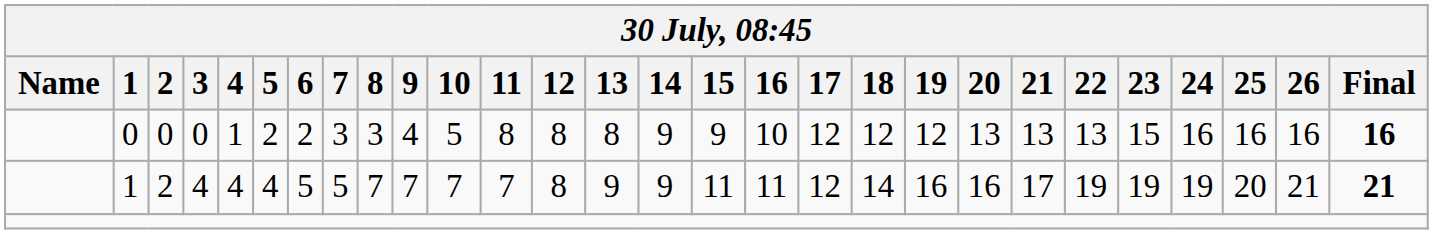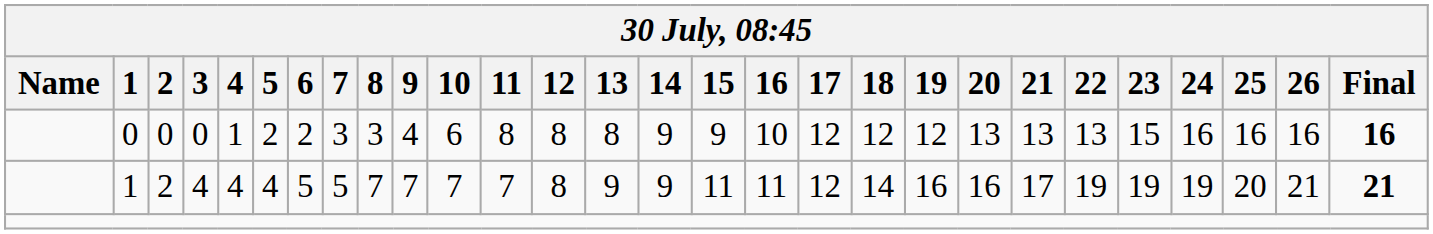 <table class=wikitable style="text-align:center; width: 55%">
 <tr>
 <th colspan=28><em>30 July, 08:45</em></th>
 </tr>
 <tr>
 <th>Name</th>
 <th>1</th>
 <th>2</th>
 <th>3</th>
 <th>4</th>
 <th>5</th>
 <th>6</th>
 <th>7</th>
 <th>8</th>
 <th>9</th>
 <th>10</th>
 <th>11</th>
 <th>12</th>
 <th>13</th>
 <th>14</th>
 <th>15</th>
 <th>16</th>
 <th>17</th>
 <th>18</th>
 <th>19</th>
 <th>20</th>
 <th>21</th>
 <th>22</th>
 <th>23</th>
 <th>24</th>
 <th>25</th>
 <th>26</th>
 <th>Final</th>
 </tr>
 <tr>
 <td align=left><strong></strong></td>
 <td>0</td>
 <td>0</td>
 <td>0</td>
 <td>1</td>
 <td>2</td>
 <td>2</td>
 <td>3</td>
 <td>3</td>
 <td>4</td>
-<td>5</td>
+<td>6</td>
 <td>8</td>
 <td>8</td>
 <td>8</td>
 <td>9</td>
 <td>9</td>
 <td>10</td>
 <td>12</td>
 <td>12</td>
 <td>12</td>
 <td>13</td>
 <td>13</td>
 <td>13</td>
 <td>15</td>
 <td>16</td>
 <td>16</td>
 <td>16</td>
 <td><strong>16</strong></td>
 </tr>
 <tr>
 <td align=left></td>
 <td>1</td>
 <td>2</td>
 <td>4</td>
 <td>4</td>
 <td>4</td>
 <td>5</td>
 <td>5</td>
 <td>7</td>
 <td>7</td>
 <td>7</td>
 <td>7</td>
 <td>8</td>
 <td>9</td>
 <td>9</td>
 <td>11</td>
 <td>11</td>
 <td>12</td>
 <td>14</td>
 <td>16</td>
 <td>16</td>
 <td>17</td>
 <td>19</td>
 <td>19</td>
 <td>19</td>
 <td>20</td>
 <td>21</td>
 <td><strong>21</strong></td>
 </tr>
 <tr>
 <td colspan=28></td>
 </tr>
 </table>
